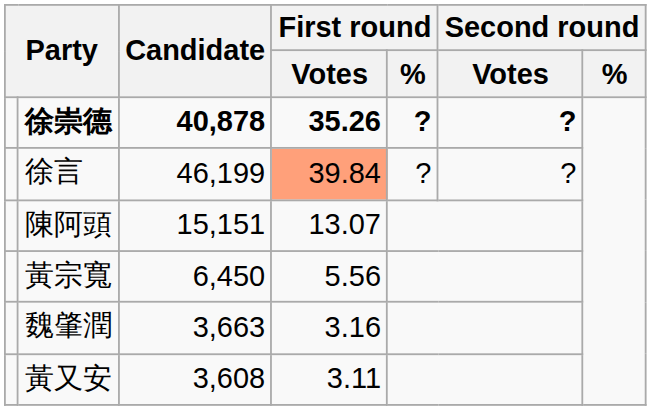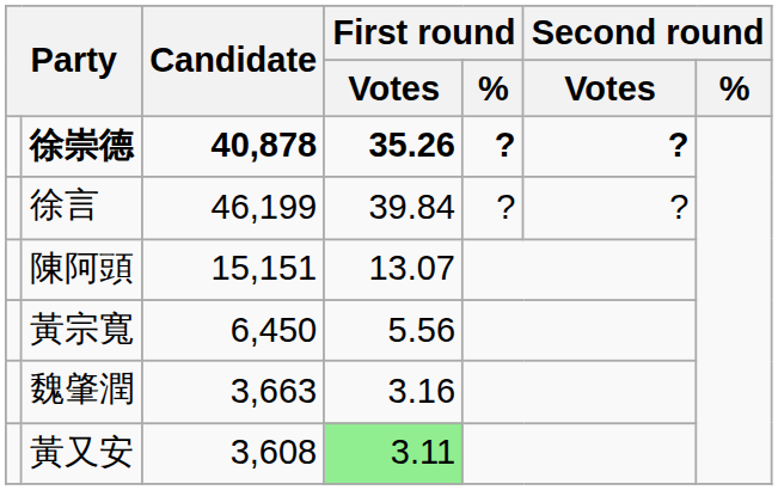 <table class="wikitable">
 <tr>
 <th colspan="2" rowspan="2">Party</th>
 <th rowspan="2">Candidate</th>
 <th colspan="2">First round</th>
 <th colspan="2">Second round</th>
 </tr>
 <tr>
 <th>Votes</th>
 <th>%</th>
 <th>Votes</th>
 <th>%</th>
 </tr>
 <tr>
 <td></td>
 <td><strong>徐崇德</strong></td>
 <td align="right"><strong>40,878</strong></td>
 <td align="right"><strong>35.26</strong></td>
 <td align="right"><strong>?</strong></td>
 <td align="right"><strong>?</strong></td>
 </tr>
 <tr>
 <td></td>
 <td>徐言</td>
 <td align="right">46,199</td>
-<td align="right" style="background: lightsalmon;">39.84</td>
+<td align="right">39.84</td>
 <td align="right">?</td>
 <td align="right">?</td>
 </tr>
 <tr>
 <td></td>
 <td>陳阿頭</td>
 <td align="right">15,151</td>
 <td align="right">13.07</td>
 <td colspan="2"></td>
 </tr>
 <tr>
 <td></td>
 <td>黃宗寬</td>
 <td align="right">6,450</td>
 <td align="right">5.56</td>
 <td colspan="2"></td>
 </tr>
 <tr>
 <td></td>
 <td>魏肇潤</td>
 <td align="right">3,663</td>
 <td align="right">3.16</td>
 <td colspan="2"></td>
 </tr>
 <tr>
 <td></td>
 <td>黃又安</td>
 <td align="right">3,608</td>
-<td align="right">3.11</td>
+<td align="right" style="background: lightgreen;">3.11</td>
 <td colspan="2"></td>
 </tr>
 </table>
